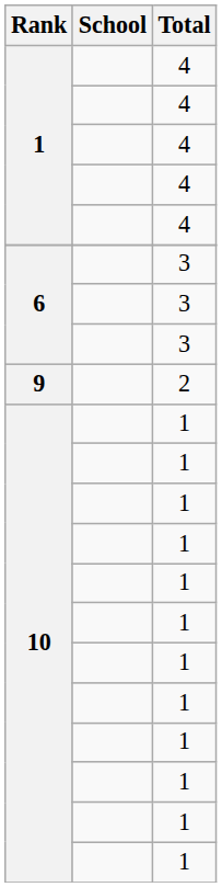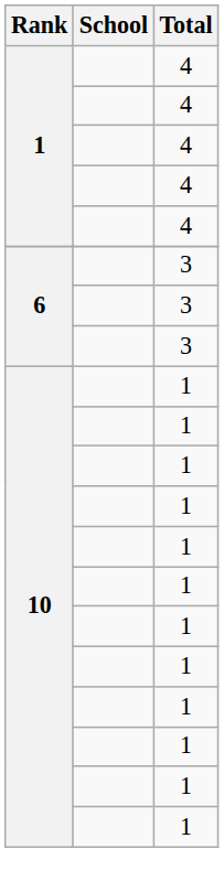 <table class="wikitable sortable"  style="font-size:90%; text-align: center;">
 <tr>
 <th>Rank</th>
 <th>School</th>
 <th>Total</th>
 </tr>
 <tr>
 <th rowspan="5">1</th>
 <td style=><strong><a href='#'></a></strong></td>
 <td>4</td>
 </tr>
 <tr>
 <td style=><strong><a href='#'></a></strong></td>
 <td>4</td>
 </tr>
 <tr>
 <td><strong><a href='#'></a></strong></td>
 <td>4</td>
 </tr>
 <tr>
 <td style=><strong><a href='#'></a></strong></td>
 <td>4</td>
 </tr>
 <tr>
 <td style=><strong><a href='#'></a></strong></td>
 <td>4</td>
 </tr>
 <tr>
 </tr>
 <tr>
 <th rowspan="3">6</th>
 <td style=><strong><a href='#'></a></strong></td>
 <td>3</td>
 </tr>
 <tr>
 <td><strong><a href='#'></a></strong></td>
 <td>3</td>
 </tr>
 <tr>
 <td><strong><a href='#'></a></strong></td>
 <td>3</td>
-</tr>
-<tr>
-<th>9</th>
-<td style=><strong><a href='#'></a></strong></td>
-<td>2</td>
 </tr>
 <tr>
 <th rowspan="12">10</th>
 <td style=><strong><a href='#'></a></strong></td>
 <td>1</td>
 </tr>
 <tr>
 <td style=><strong><a href='#'></a></strong></td>
 <td>1</td>
 </tr>
 <tr>
 <td style=><strong><a href='#'></a></strong></td>
 <td>1</td>
 </tr>
 <tr>
 <td style=><strong><a href='#'></a></strong></td>
 <td>1</td>
 </tr>
 <tr>
 <td style=><strong><a href='#'></a></strong></td>
 <td>1</td>
 </tr>
 <tr>
 <td style=><strong><a href='#'></a></strong></td>
 <td>1</td>
 </tr>
 <tr>
 <td style=><strong><a href='#'></a></strong></td>
 <td>1</td>
 </tr>
 <tr>
 <td style=><strong><a href='#'></a></strong></td>
 <td>1</td>
 </tr>
 <tr>
 <td style=><strong><a href='#'></a></strong></td>
 <td>1</td>
 </tr>
 <tr>
 <td style=><strong><a href='#'></a></strong></td>
 <td>1</td>
 </tr>
 <tr>
 <td style=><strong><a href='#'></a></strong></td>
 <td>1</td>
 </tr>
 <tr>
 <td style=><strong><a href='#'></a></strong></td>
 <td>1</td>
 </tr>
 </table>
